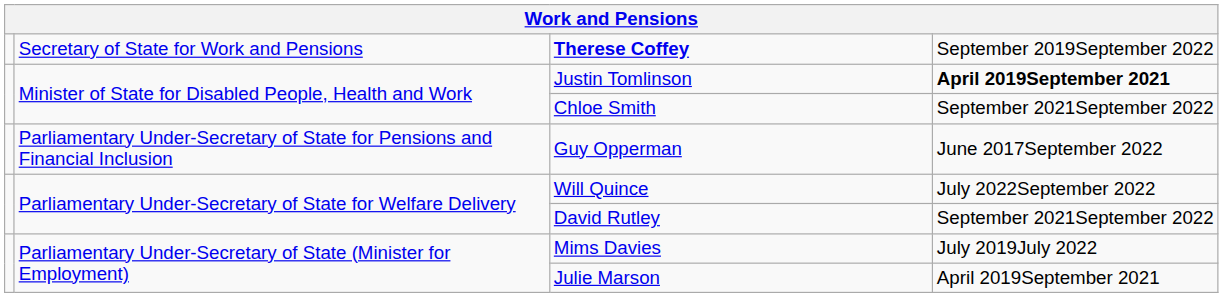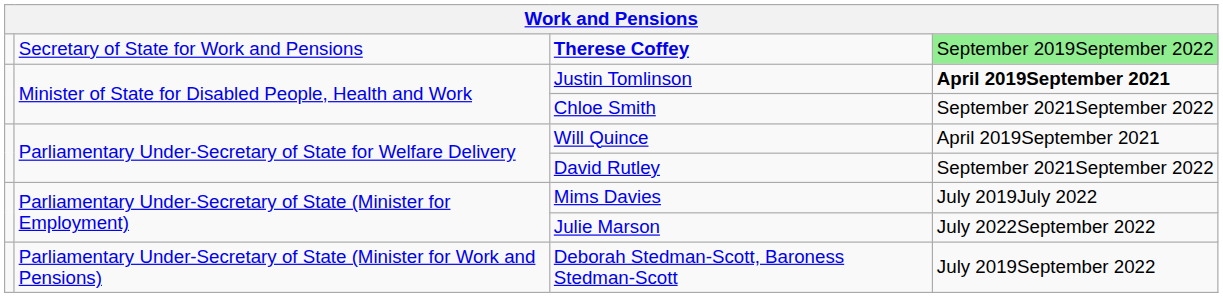 <table class="wikitable">
 <tr>
 <th colspan="4"><a href='#'>Work and Pensions</a></th>
 </tr>
 <tr>
 <td style="width: 1px; background: "></td>
 <td style="width: 450px;"><a href='#'>Secretary of State for Work and Pensions</a></td>
 <td><strong><a href='#'>Therese Coffey</a></strong></td>
-<td>September 2019September 2022</td>
+<td style="background: lightgreen;">September 2019September 2022</td>
 </tr>
 <tr>
 <td rowspan=2 style="width: 1px; background: "></td>
 <td rowspan=2 style="width: 450px;"><a href='#'>Minister of State for Disabled People, Health and Work</a></td>
 <td style="width: 320px;"><a href='#'>Justin Tomlinson</a></td>
 <td><strong>April 2019September 2021</strong></td>
 </tr>
 <tr>
 <td style="width: 320px;"><a href='#'>Chloe Smith</a></td>
 <td>September 2021September 2022</td>
 </tr>
 <tr>
-<td style="width: 1px; background: "></td>
-<td style="width: 450px;"><a href='#'>Parliamentary Under-Secretary of State for Pensions and Financial Inclusion</a></td>
-<td style="width: 320px;"><a href='#'>Guy Opperman</a></td>
-<td>June 2017September 2022</td>
-</tr>
-<tr>
 <td rowspan=2 style="width: 1px; background: "></td>
 <td rowspan=2 style="width: 450px;"><a href='#'>Parliamentary Under-Secretary of State for Welfare Delivery</a></td>
 <td style="width: 320px;"><a href='#'>Will Quince</a></td>
-<td>July 2022September 2022</td>
+<td>April 2019September 2021</td>
 </tr>
 <tr>
 <td style="width:320px;"><a href='#'>David Rutley</a></td>
 <td>September 2021September 2022</td>
 </tr>
 <tr>
 <td rowspan=2 style="width: 1px; background: "></td>
 <td rowspan=2><a href='#'>Parliamentary Under-Secretary of State (Minister for Employment)</a></td>
 <td><a href='#'>Mims Davies</a></td>
 <td>July 2019July 2022</td>
 </tr>
 <tr>
 <td><a href='#'>Julie Marson</a><br></td>
-<td>April 2019September 2021</td>
+<td>July 2022September 2022</td>
+</tr>
+<tr>
+<td style="width: 1px; background: "></td>
+<td style="width: 450px;"><a href='#'>Parliamentary Under-Secretary of State (Minister for Work and Pensions)</a></td>
+<td style="width: 320px;"><a href='#'>Deborah Stedman-Scott, Baroness Stedman-Scott</a> <br></td>
+<td>July 2019September 2022</td>
 </tr>
 </table>
